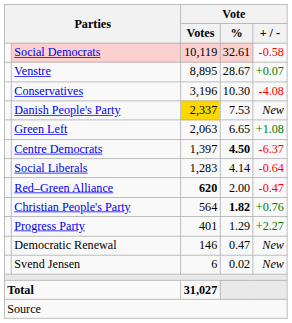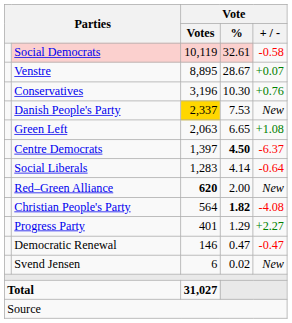 <table class="wikitable" style="text-align:right;">
 <tr>
 <th style="text-align:centre;" rowspan="2" colspan="2" width="225">Parties</th>
 <th colspan="3">Vote</th>
 </tr>
 <tr>
 <th width="15">Votes</th>
 <th width="15">%</th>
 <th width="15">+ / -</th>
 </tr>
 <tr>
 <td width="2" style="color:inherit;background:"></td>
 <td bgcolor=#fbd0ce  align="left"><a href='#'>Social Democrats</a></td>
 <td bgcolor=#fbd0ce>10,119</td>
 <td bgcolor=#fbd0ce>32.61</td>
 <td style=color:red;>-0.58</td>
 </tr>
 <tr>
 <td width="2" style="color:inherit;background:"></td>
 <td align="left"><a href='#'>Venstre</a></td>
 <td>8,895</td>
 <td>28.67</td>
 <td style=color:green;>+0.07</td>
 </tr>
 <tr>
 <td width="2" style="color:inherit;background:"></td>
 <td align="left"><a href='#'>Conservatives</a></td>
 <td>3,196</td>
 <td>10.30</td>
-<td style=color:red;>-4.08</td>
+<td style=color:green;>+0.76</td>
 </tr>
 <tr>
 <td width="2" style="color:inherit;background:"></td>
 <td align="left"><a href='#'>Danish People's Party</a></td>
 <td style="background: gold;">2,337</td>
 <td>7.53</td>
 <td><em>New</em></td>
 </tr>
 <tr>
 <td width="2" style="color:inherit;background:"></td>
 <td align="left"><a href='#'>Green Left</a></td>
 <td>2,063</td>
 <td>6.65</td>
 <td style=color:green;>+1.08</td>
 </tr>
 <tr>
 <td width="2" style="color:inherit;background:"></td>
 <td align="left"><a href='#'>Centre Democrats</a></td>
 <td>1,397</td>
 <td><strong>4.50</strong></td>
 <td style=color:red;>-6.37</td>
 </tr>
 <tr>
 <td width="2" style="color:inherit;background:"></td>
 <td align="left"><a href='#'>Social Liberals</a></td>
 <td>1,283</td>
 <td>4.14</td>
 <td style=color:red;>-0.64</td>
 </tr>
 <tr>
 <td width="2" style="color:inherit;background:"></td>
 <td align="left"><a href='#'>Red–Green Alliance</a></td>
 <td><strong>620</strong></td>
 <td>2.00</td>
-<td style=color:red;>-0.47</td>
+<td><em>New</em></td>
 </tr>
 <tr>
 <td width="2" style="color:inherit;background:"></td>
 <td align="left"><a href='#'>Christian People's Party</a></td>
 <td>564</td>
 <td><strong>1.82</strong></td>
-<td style=color:green;>+0.76</td>
+<td style=color:red;>-4.08</td>
 </tr>
 <tr>
 <td width="2" style="color:inherit;background:"></td>
 <td align="left"><a href='#'>Progress Party</a></td>
 <td>401</td>
 <td>1.29</td>
 <td style=color:green;>+2.27</td>
 </tr>
 <tr>
 <td width="2" style="color:inherit;background:"></td>
 <td align="left">Democratic Renewal</td>
 <td>146</td>
 <td>0.47</td>
-<td><em>New</em></td>
+<td style=color:red;>-0.47</td>
 </tr>
 <tr>
 <td width="2" style="color:inherit;background:"></td>
 <td align="left">Svend Jensen</td>
 <td>6</td>
 <td>0.02</td>
 <td><em>New</em></td>
 </tr>
 <tr>
 <td colspan="7" bgcolor="#E9E9E9"></td>
 </tr>
 <tr>
 <td align="left" colspan="2"><strong>Total</strong></td>
 <td><strong>31,027</strong></td>
 <td bgcolor="#E9E9E9" colspan="2"></td>
 </tr>
 <tr>
 <td align="left" colspan="6">Source</td>
 </tr>
 </table>
